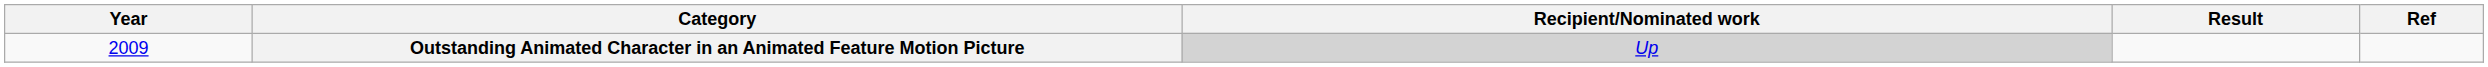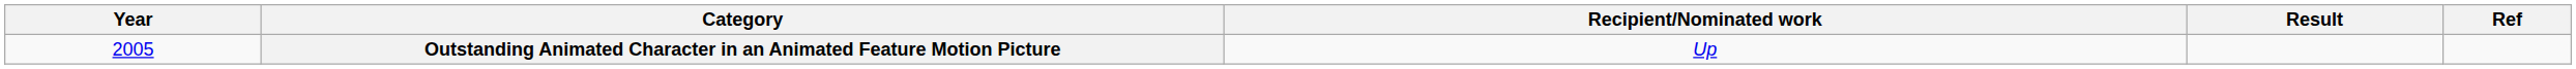 <table class="wikitable plainrowheaders" style="font-size: 90%; text-align:center" width=100%>
 <tr>
 <th scope="col" width="10%">Year</th>
 <th scope="col" width="37.5%">Category</th>
 <th scope="col" width="37.5%">Recipient/Nominated work</th>
 <th scope="col" width="10%">Result</th>
 <th scope="col" width="5%">Ref</th>
 </tr>
 <tr>
-<td><a href='#'>2009</a></td>
+<td><a href='#'>2005</a></td>
 <th scope="row" style="text-align:center">Outstanding Animated Character in an Animated Feature Motion Picture</th>
-<td style="background: lightgrey;"><em><a href='#'>Up</a></em></td>
+<td><em><a href='#'>Up</a></em></td>
 <td></td>
 <td></td>
 </tr>
 </table>
